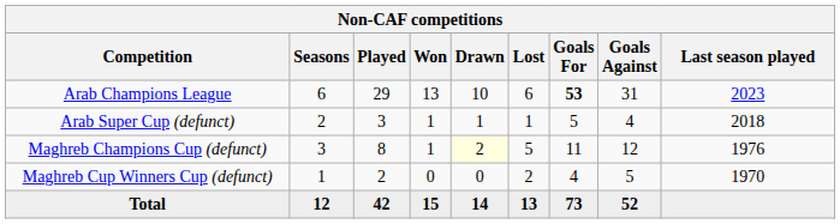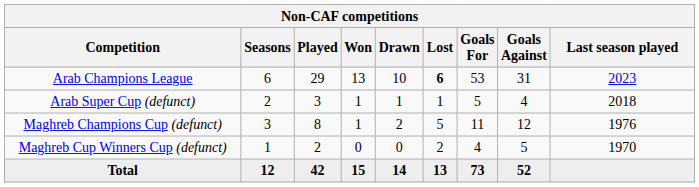 <table class="wikitable" style="font-size:95%; text-align: center;">
 <tr>
 <th colspan="9">Non-CAF competitions</th>
 </tr>
 <tr>
 <th width="250">Competition</th>
 <th width="30">Seasons</th>
 <th width="30">Played</th>
 <th width="30">Won</th>
 <th width="30">Drawn</th>
 <th width="30">Lost</th>
 <th width="30">Goals For</th>
 <th width="30">Goals Against</th>
 <th width="150">Last season played</th>
 </tr>
 <tr>
 <td><a href='#'>Arab Champions League</a></td>
 <td>6</td>
 <td>29</td>
 <td>13</td>
 <td>10</td>
-<td>6</td>
-<td><strong>53</strong></td>
+<td><strong>6</strong></td>
+<td>53</td>
 <td>31</td>
 <td><a href='#'>2023</a></td>
 </tr>
 <tr>
 <td><a href='#'>Arab Super Cup</a> <em>(defunct)</em></td>
 <td>2</td>
 <td>3</td>
 <td>1</td>
 <td>1</td>
 <td>1</td>
 <td>5</td>
 <td>4</td>
 <td>2018</td>
 </tr>
 <tr>
 <td><a href='#'>Maghreb Champions Cup</a> <em>(defunct)</em></td>
 <td>3</td>
 <td>8</td>
 <td>1</td>
-<td style="background: lightyellow;">2</td>
+<td>2</td>
 <td>5</td>
 <td>11</td>
 <td>12</td>
 <td>1976</td>
 </tr>
 <tr>
 <td><a href='#'>Maghreb Cup Winners Cup</a> <em>(defunct)</em></td>
 <td>1</td>
 <td>2</td>
 <td>0</td>
 <td>0</td>
 <td>2</td>
 <td>4</td>
 <td>5</td>
 <td>1970</td>
 </tr>
 <tr bgcolor=#EEEEEE>
 <td><strong>Total</strong></td>
 <td><strong>12</strong></td>
 <td><strong>42</strong></td>
 <td><strong>15</strong></td>
 <td><strong>14</strong></td>
 <td><strong>13</strong></td>
 <td><strong>73</strong></td>
 <td><strong>52</strong></td>
 <td></td>
 </tr>
 </table>
